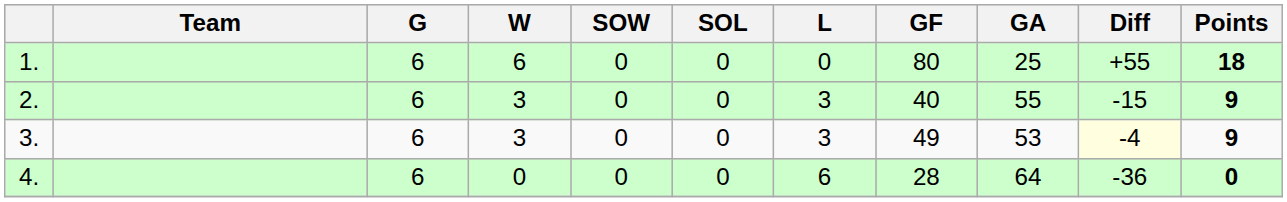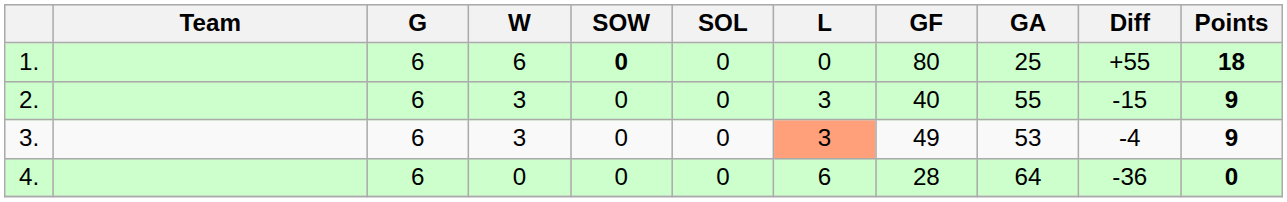 <table class=wikitable style="text-align:center">
 <tr bgcolor="#DCDCDC">
 <th width="25"></th>
 <th width="200">Team</th>
 <th width="60">G</th>
 <th width="60">W</th>
 <th width="60">SOW</th>
 <th width="60">SOL</th>
 <th width="60">L</th>
 <th width="60">GF</th>
 <th width="60">GA</th>
 <th width="60">Diff</th>
 <th width="60">Points</th>
 </tr>
 <tr bgcolor=ccffcc>
 <td>1.</td>
 <td align=left></td>
 <td>6</td>
 <td>6</td>
-<td>0</td>
+<td><strong>0</strong></td>
 <td>0</td>
 <td>0</td>
 <td>80</td>
 <td>25</td>
 <td>+55</td>
 <td><strong>18</strong></td>
 </tr>
 <tr bgcolor=ccffcc>
 <td>2.</td>
 <td align=left></td>
 <td>6</td>
 <td>3</td>
 <td>0</td>
 <td>0</td>
 <td>3</td>
 <td>40</td>
 <td>55</td>
 <td>-15</td>
 <td><strong>9</strong></td>
 </tr>
 <tr>
 <td>3.</td>
 <td align=left></td>
 <td>6</td>
 <td>3</td>
 <td>0</td>
 <td>0</td>
-<td>3</td>
+<td style="background: lightsalmon;">3</td>
 <td>49</td>
 <td>53</td>
-<td style="background: lightyellow;">-4</td>
+<td>-4</td>
 <td><strong>9</strong></td>
 </tr>
 <tr bgcolor=ccffcc>
 <td>4.</td>
 <td align=left></td>
 <td>6</td>
 <td>0</td>
 <td>0</td>
 <td>0</td>
 <td>6</td>
 <td>28</td>
 <td>64</td>
 <td>-36</td>
 <td><strong>0</strong></td>
 </tr>
 <tr>
 </tr>
 </table>
